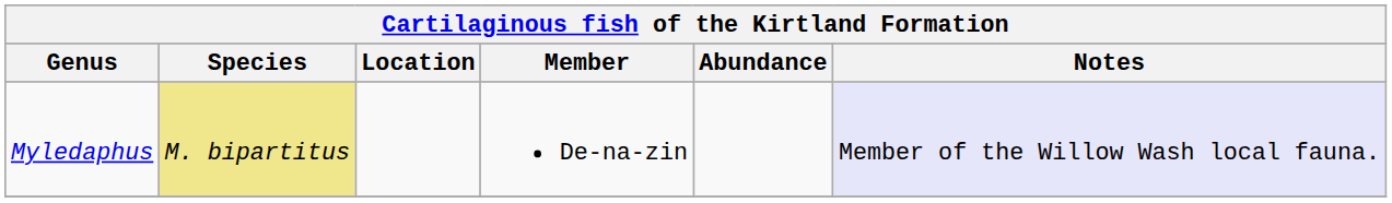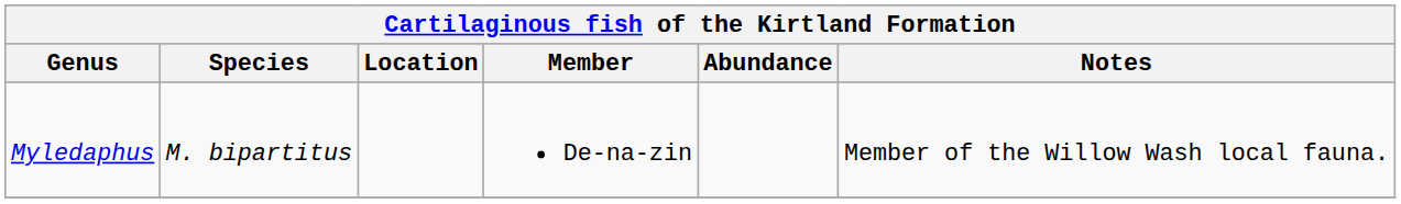 <table class="wikitable" align="center">
 <tr>
 <th colspan="7" align="center"><strong><a href='#'>Cartilaginous fish</a> of the Kirtland Formation</strong></th>
 </tr>
 <tr>
 <th>Genus</th>
 <th>Species</th>
 <th>Location</th>
 <th>Member</th>
 <th>Abundance</th>
 <th>Notes<br></th>
 </tr>
 <tr>
 <td><br><em><a href='#'>Myledaphus</a></em></td>
-<td style="background: khaki;"><br><em>M. bipartitus</em></td>
+<td><br><em>M. bipartitus</em></td>
 <td></td>
 <td><br><ul><li>De-na-zin</li></ul></td>
 <td></td>
-<td style="background: lavender;"><br>Member of the Willow Wash local fauna. </td>
+<td><br>Member of the Willow Wash local fauna. </td>
 </tr>
 <tr>
 </tr>
 </table>
